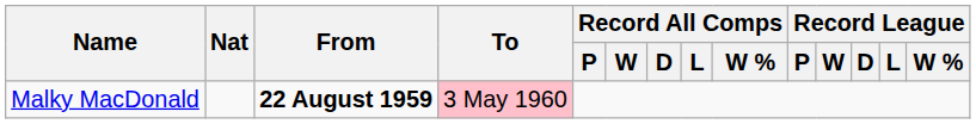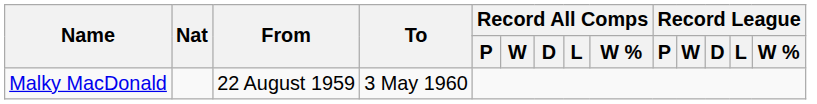 <table class="wikitable" style="text-align: center">
 <tr>
 <th rowspan="2">Name</th>
 <th rowspan="2">Nat</th>
 <th rowspan="2">From</th>
 <th rowspan="2">To</th>
 <th colspan="5">Record All Comps</th>
 <th colspan="5">Record League</th>
 </tr>
 <tr>
 <th>P</th>
 <th>W</th>
 <th>D</th>
 <th>L</th>
 <th>W %</th>
 <th>P</th>
 <th>W</th>
 <th>D</th>
 <th>L</th>
 <th>W %</th>
 </tr>
 <tr>
 <td style="text-align:left;"><a href='#'>Malky MacDonald</a></td>
 <td></td>
-<td style="text-align:left;"><strong>22 August 1959</strong></td>
-<td style="background: pink; text-align:left;">3 May 1960<br> </td>
+<td style="text-align:left;">22 August 1959</td>
+<td style="text-align:left;">3 May 1960<br> </td>
 </tr>
 </table>
